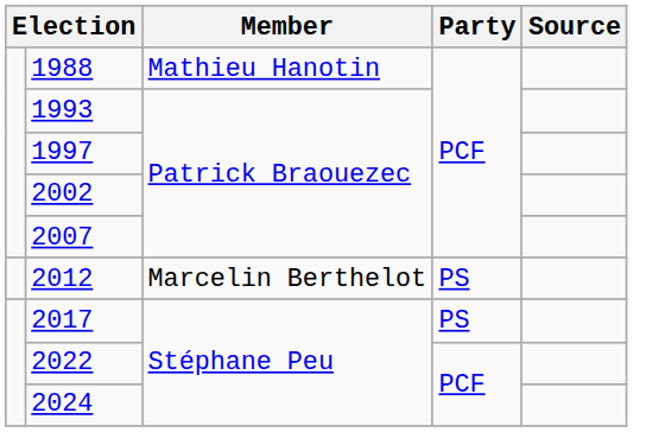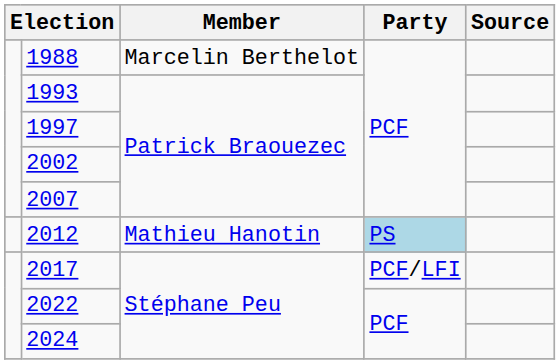 <table class="wikitable">
 <tr>
 <th colspan="2">Election</th>
 <th>Member</th>
 <th>Party</th>
 <th>Source</th>
 </tr>
 <tr>
 <td rowspan=5 style="color:inherit;background-color: "></td>
 <td><a href='#'>1988</a></td>
-<td><a href='#'>Mathieu Hanotin</a></td>
+<td>Marcelin Berthelot</td>
 <td rowspan=5><a href='#'>PCF</a></td>
 <td></td>
 </tr>
 <tr>
 <td><a href='#'>1993</a></td>
 <td rowspan=4><a href='#'>Patrick Braouezec</a></td>
 <td></td>
 </tr>
 <tr>
 <td><a href='#'>1997</a></td>
 <td></td>
 </tr>
 <tr>
 <td><a href='#'>2002</a></td>
 <td></td>
 </tr>
 <tr>
 <td><a href='#'>2007</a></td>
 <td></td>
 </tr>
 <tr>
 <td style="color:inherit;background-color: "></td>
 <td><a href='#'>2012</a></td>
-<td>Marcelin Berthelot</td>
-<td><a href='#'>PS</a></td>
+<td><a href='#'>Mathieu Hanotin</a></td>
+<td style="background: lightblue;"><a href='#'>PS</a></td>
 <td></td>
 </tr>
 <tr>
 <td rowspan=3 style="color:inherit;background-color: "></td>
 <td><a href='#'>2017</a></td>
 <td rowspan="3"><a href='#'>Stéphane Peu</a></td>
-<td><a href='#'>PS</a></td>
+<td><a href='#'>PCF</a>/<a href='#'>LFI</a></td>
 <td></td>
 </tr>
 <tr>
 <td><a href='#'>2022</a></td>
 <td rowspan=2><a href='#'>PCF</a></td>
 <td></td>
 </tr>
 <tr>
 <td><a href='#'>2024</a></td>
 <td></td>
 </tr>
 </table>
